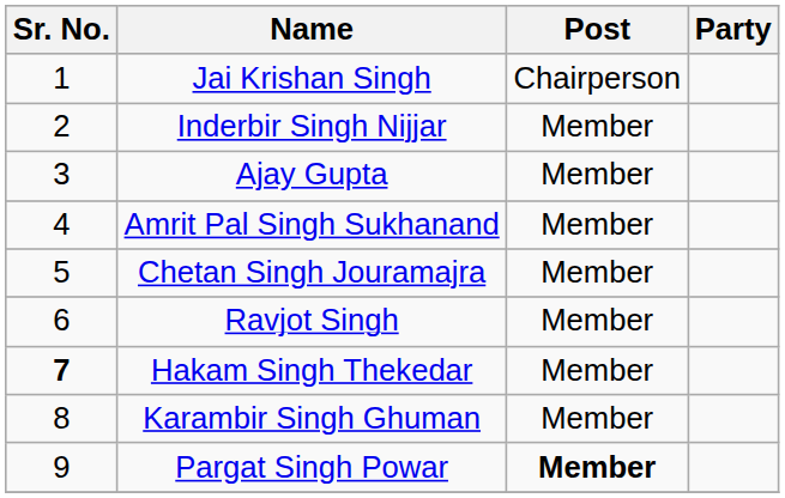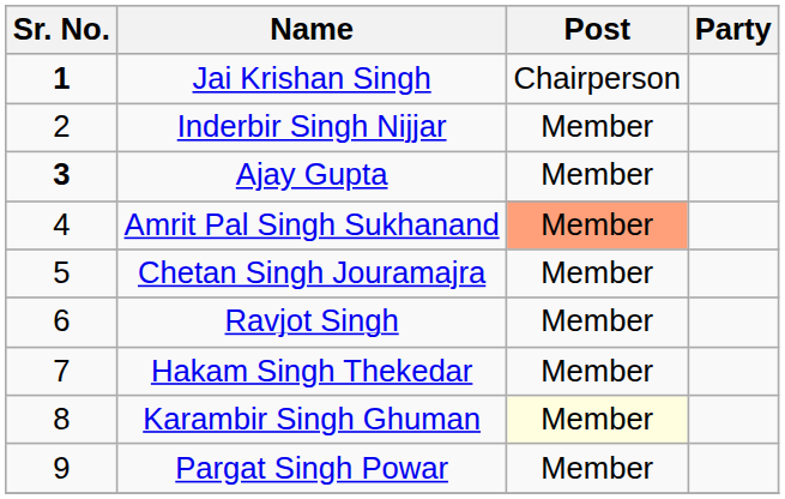 <table class="wikitable sortable">
 <tr>
 <th>Sr. No.</th>
 <th>Name</th>
 <th>Post</th>
 <th colspan="2">Party</th>
 </tr>
 <tr align="center">
-<td>1</td>
+<td><strong>1</strong></td>
 <td><a href='#'>Jai Krishan Singh</a></td>
 <td>Chairperson</td>
 <td></td>
 </tr>
 <tr align="center">
 <td>2</td>
 <td><a href='#'>Inderbir Singh Nijjar</a></td>
 <td>Member</td>
 <td></td>
 </tr>
 <tr align="center">
-<td>3</td>
+<td><strong>3</strong></td>
 <td><a href='#'>Ajay Gupta</a></td>
 <td>Member</td>
 <td></td>
 </tr>
 <tr align="center">
 <td>4</td>
 <td><a href='#'>Amrit Pal Singh Sukhanand</a></td>
-<td>Member</td>
+<td style="background: lightsalmon;">Member</td>
 <td></td>
 </tr>
 <tr align="center">
 <td>5</td>
 <td><a href='#'>Chetan Singh Jouramajra</a></td>
 <td>Member</td>
 <td></td>
 </tr>
 <tr align="center">
 <td>6</td>
 <td><a href='#'>Ravjot Singh</a></td>
 <td>Member</td>
 <td></td>
 </tr>
 <tr align="center">
-<td><strong>7</strong></td>
+<td>7</td>
 <td><a href='#'>Hakam Singh Thekedar</a></td>
 <td>Member</td>
 <td></td>
 </tr>
 <tr align="center">
 <td>8</td>
 <td><a href='#'>Karambir Singh Ghuman</a></td>
-<td>Member</td>
+<td style="background: lightyellow;">Member</td>
 <td></td>
 </tr>
 <tr align="center">
 <td>9</td>
 <td><a href='#'>Pargat Singh Powar</a></td>
-<td><strong>Member</strong></td>
+<td>Member</td>
 <td></td>
 </tr>
 <tr align="center">
 </tr>
 </table>
